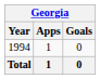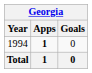 <table class="wikitable" style="text-align:center">
 <tr>
 <th colspan=3><a href='#'>Georgia</a></th>
 </tr>
 <tr>
 <th>Year</th>
 <th>Apps</th>
 <th>Goals</th>
 </tr>
 <tr>
 <td>1994</td>
-<td>1</td>
+<td><strong>1</strong></td>
 <td>0</td>
 </tr>
 <tr>
 <th>Total</th>
 <th>1</th>
 <th>0</th>
 </tr>
 </table>
